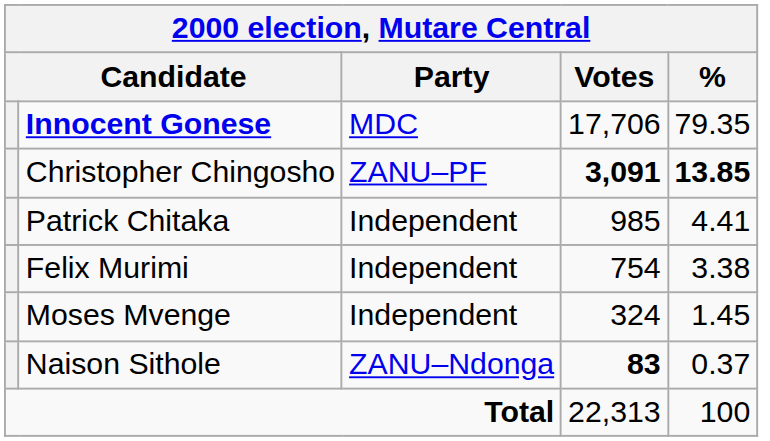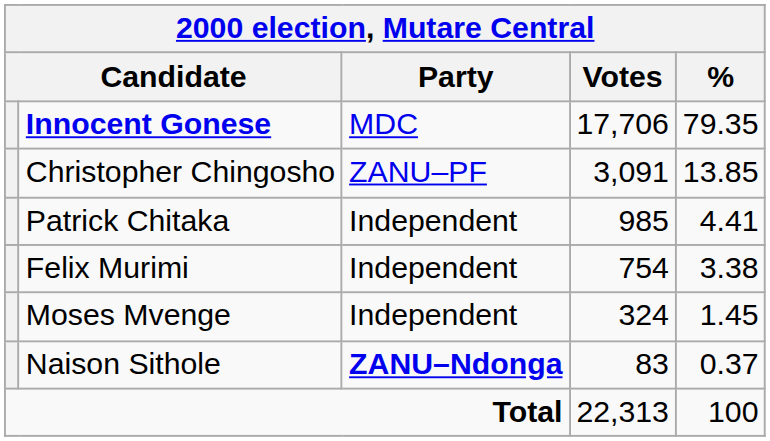 <table class="wikitable">
 <tr>
 <th colspan="5"><a href='#'>2000 election</a>, <a href='#'>Mutare Central</a></th>
 </tr>
 <tr>
 <th colspan="2">Candidate</th>
 <th>Party</th>
 <th>Votes</th>
 <th>%</th>
 </tr>
 <tr>
 <th style="background-color: "></th>
 <td><strong><a href='#'>Innocent Gonese</a></strong></td>
 <td><a href='#'>MDC</a></td>
 <td style="text-align:right">17,706</td>
 <td style="text-align:right">79.35</td>
 </tr>
 <tr>
 <th style="background-color: "></th>
 <td>Christopher Chingosho</td>
 <td><a href='#'>ZANU–PF</a></td>
-<td style="text-align:right"><strong>3,091</strong></td>
-<td style="text-align:right"><strong>13.85</strong></td>
+<td style="text-align:right">3,091</td>
+<td style="text-align:right">13.85</td>
 </tr>
 <tr>
 <th style="background-color: "></th>
 <td>Patrick Chitaka</td>
 <td>Independent</td>
 <td style="text-align:right">985</td>
 <td style="text-align:right">4.41</td>
 </tr>
 <tr>
 <th style="background-color: "></th>
 <td>Felix Murimi</td>
 <td>Independent</td>
 <td style="text-align:right">754</td>
 <td style="text-align:right">3.38</td>
 </tr>
 <tr>
 <th style="background-color: "></th>
 <td>Moses Mvenge</td>
 <td>Independent</td>
 <td style="text-align:right">324</td>
 <td style="text-align:right">1.45</td>
 </tr>
 <tr>
 <th style="background-color: "></th>
 <td>Naison Sithole</td>
-<td><a href='#'>ZANU–Ndonga</a></td>
-<td style="text-align:right"><strong>83</strong></td>
+<td><strong><a href='#'>ZANU–Ndonga</a></strong></td>
+<td style="text-align:right">83</td>
 <td style="text-align:right">0.37</td>
 </tr>
 <tr>
 <td colspan="3" style="text-align:right"><strong>Total</strong></td>
 <td style="text-align:right">22,313</td>
 <td style="text-align:right">100</td>
 </tr>
 </table>
